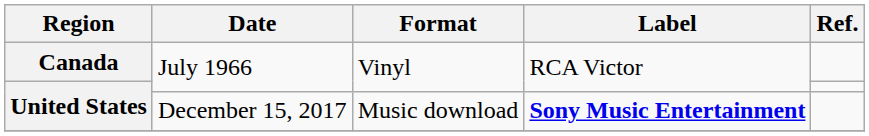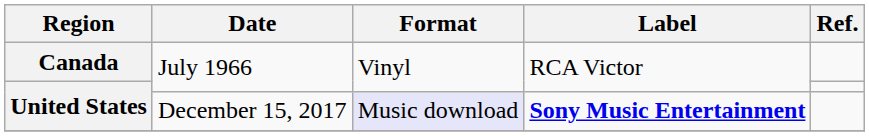 <table class="wikitable plainrowheaders">
 <tr>
 <th scope="col">Region</th>
 <th scope="col">Date</th>
 <th scope="col">Format</th>
 <th scope="col">Label</th>
 <th scope="col">Ref.</th>
 </tr>
 <tr>
 <th scope="row">Canada</th>
 <td rowspan="2">July 1966</td>
 <td rowspan="2">Vinyl</td>
 <td rowspan="2">RCA Victor</td>
 <td></td>
 </tr>
 <tr>
 <th scope="row" rowspan="2">United States</th>
 <td></td>
 </tr>
 <tr>
 <td>December 15, 2017</td>
-<td>Music download</td>
+<td style="background: lavender;">Music download</td>
 <td><strong><a href='#'>Sony Music Entertainment</a></strong></td>
 <td></td>
 </tr>
 <tr>
 </tr>
 </table>
